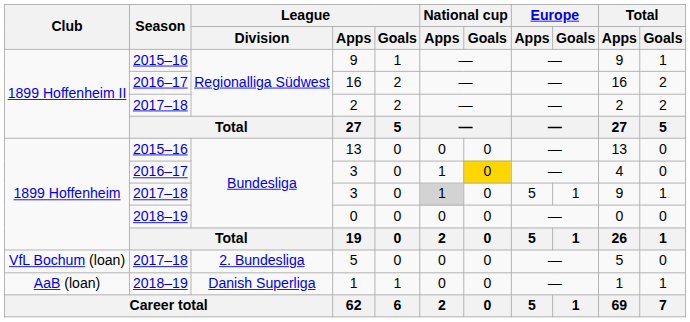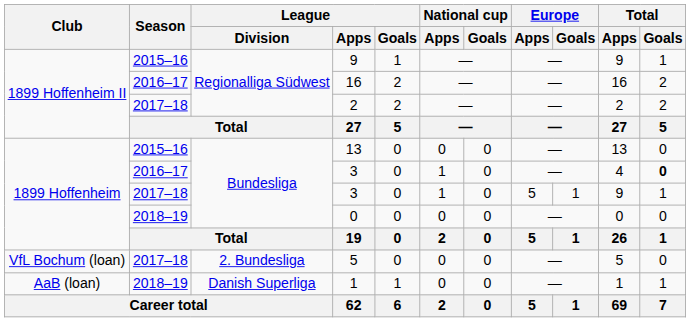 <table class="wikitable" style="text-align:center">
 <tr>
 <th rowspan="2">Club</th>
 <th rowspan="2">Season</th>
 <th colspan="3">League</th>
 <th colspan="2">National cup</th>
 <th colspan="2"><a href='#'>Europe</a></th>
 <th colspan="2">Total</th>
 </tr>
 <tr>
 <th>Division</th>
 <th>Apps</th>
 <th>Goals</th>
 <th>Apps</th>
 <th>Goals</th>
 <th>Apps</th>
 <th>Goals</th>
 <th>Apps</th>
 <th>Goals</th>
 </tr>
 <tr>
 <td rowspan="4"><a href='#'>1899 Hoffenheim II</a></td>
 <td><a href='#'>2015–16</a></td>
 <td rowspan="3"><a href='#'>Regionalliga Südwest</a></td>
 <td>9</td>
 <td>1</td>
 <td colspan="2">—</td>
 <td colspan="2">—</td>
 <td>9</td>
 <td>1</td>
 </tr>
 <tr>
 <td><a href='#'>2016–17</a></td>
 <td>16</td>
 <td>2</td>
 <td colspan="2">—</td>
 <td colspan="2">—</td>
 <td>16</td>
 <td>2</td>
 </tr>
 <tr>
 <td><a href='#'>2017–18</a></td>
 <td>2</td>
 <td>2</td>
 <td colspan="2">—</td>
 <td colspan="2">—</td>
 <td>2</td>
 <td>2</td>
 </tr>
 <tr>
 <th colspan="2">Total</th>
 <th>27</th>
 <th>5</th>
 <th colspan="2">—</th>
 <th colspan="2">—</th>
 <th>27</th>
 <th>5</th>
 </tr>
 <tr>
 <td rowspan="5"><a href='#'>1899 Hoffenheim</a></td>
 <td><a href='#'>2015–16</a></td>
 <td rowspan="4"><a href='#'>Bundesliga</a></td>
 <td>13</td>
 <td>0</td>
 <td>0</td>
 <td>0</td>
 <td colspan="2">—</td>
 <td>13</td>
 <td>0</td>
 </tr>
 <tr>
 <td><a href='#'>2016–17</a></td>
 <td>3</td>
 <td>0</td>
 <td>1</td>
-<td style="background: gold;">0</td>
+<td>0</td>
 <td colspan="2">—</td>
 <td>4</td>
-<td>0</td>
+<td><strong>0</strong></td>
 </tr>
 <tr>
 <td><a href='#'>2017–18</a></td>
 <td>3</td>
 <td>0</td>
-<td style="background: lightgrey;">1</td>
+<td>1</td>
 <td>0</td>
 <td>5</td>
 <td>1</td>
 <td>9</td>
 <td>1</td>
 </tr>
 <tr>
 <td><a href='#'>2018–19</a></td>
 <td>0</td>
 <td>0</td>
 <td>0</td>
 <td>0</td>
 <td colspan="2">—</td>
 <td>0</td>
 <td>0</td>
 </tr>
 <tr>
 <th colspan="2">Total</th>
 <th>19</th>
 <th>0</th>
 <th>2</th>
 <th>0</th>
 <th>5</th>
 <th>1</th>
 <th>26</th>
 <th>1</th>
 </tr>
 <tr>
 <td><a href='#'>VfL Bochum</a> (loan)</td>
 <td><a href='#'>2017–18</a></td>
 <td><a href='#'>2. Bundesliga</a></td>
 <td>5</td>
 <td>0</td>
 <td>0</td>
 <td>0</td>
 <td colspan="2">—</td>
 <td>5</td>
 <td>0</td>
 </tr>
 <tr>
 <td><a href='#'>AaB</a> (loan)</td>
 <td><a href='#'>2018–19</a></td>
 <td><a href='#'>Danish Superliga</a></td>
 <td>1</td>
 <td>1</td>
 <td>0</td>
 <td>0</td>
 <td colspan="2">—</td>
 <td>1</td>
 <td>1</td>
 </tr>
 <tr>
 <th colspan="3">Career total</th>
 <th>62</th>
 <th>6</th>
 <th>2</th>
 <th>0</th>
 <th>5</th>
 <th>1</th>
 <th>69</th>
 <th>7</th>
 </tr>
 </table>
